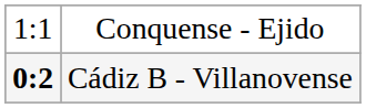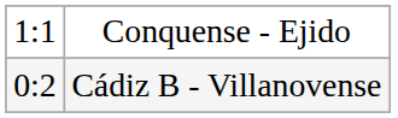 <table class="wikitable">
 <tr align=center bgcolor=white>
 <td>1:1</td>
 <td>Conquense - Ejido</td>
 </tr>
 <tr align=center bgcolor=#F5F5F5>
-<td><strong>0:2</strong></td>
+<td>0:2</td>
 <td>Cádiz B - Villanovense</td>
 </tr>
 </table>
